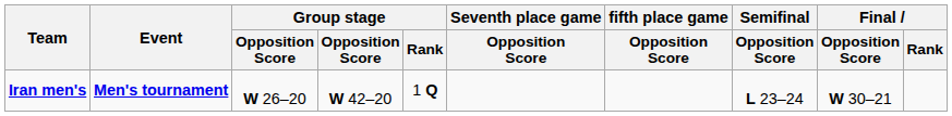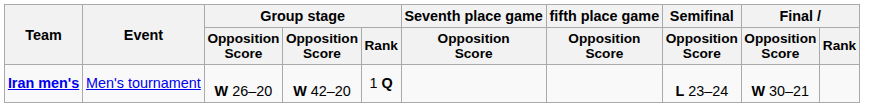 <table class=wikitable style=font-size:90%;text-align:center>
 <tr>
 <th rowspan=2>Team</th>
 <th rowspan=2>Event</th>
 <th colspan=3>Group stage</th>
 <th>Seventh place game</th>
 <th>fifth place game</th>
 <th>Semifinal</th>
 <th colspan=2>Final / </th>
 </tr>
 <tr style=font-size:95%>
 <th>Opposition<br>Score</th>
 <th>Opposition<br>Score</th>
 <th>Rank</th>
 <th>Opposition<br>Score</th>
 <th>Opposition<br>Score</th>
 <th>Opposition<br>Score</th>
 <th>Opposition<br>Score</th>
 <th>Rank</th>
 </tr>
 <tr>
 <td align=left><strong><a href='#'>Iran men's</a></strong></td>
-<td align=left><strong><a href='#'>Men's tournament</a></strong></td>
+<td align=left><a href='#'>Men's tournament</a></td>
 <td><br><strong>W</strong> 26–20</td>
 <td><br><strong>W</strong> 42–20</td>
 <td>1 <strong>Q</strong></td>
 <td></td>
 <td></td>
 <td><br><strong>L</strong> 23–24</td>
 <td><br><strong>W</strong> 30–21</td>
 <td></td>
 </tr>
 </table>
